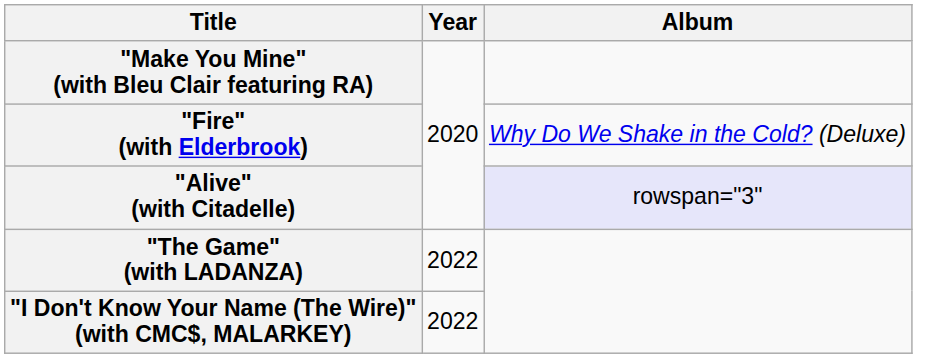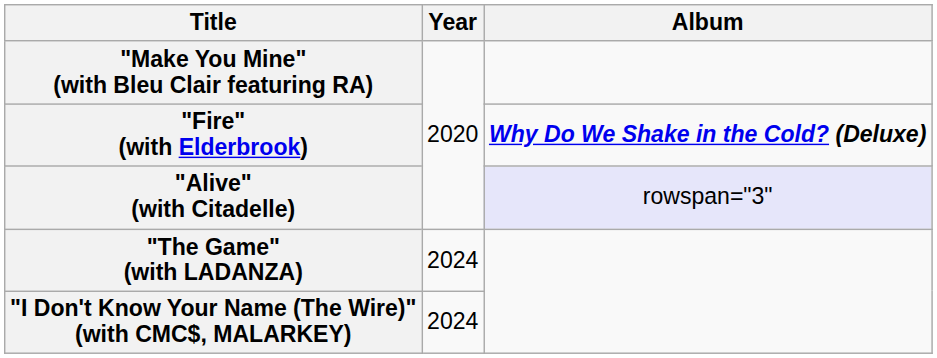 <table class="wikitable plainrowheaders" style="text-align:center;">
 <tr>
 <th rowspan="1">Title</th>
 <th rowspan="1">Year</th>
 <th rowspan="1">Album</th>
 </tr>
 <tr>
 <th scope="row">"Make You Mine" <br><span>(with Bleu Clair featuring RA)</span></th>
 <td rowspan="3">2020</td>
 <td></td>
 </tr>
 <tr>
 <th scope="row">"Fire" <br><span>(with <a href='#'>Elderbrook</a>)</span></th>
-<td><em><a href='#'>Why Do We Shake in the Cold?</a> (Deluxe)</em></td>
+<td><strong><em><a href='#'>Why Do We Shake in the Cold?</a> (Deluxe)</em></strong></td>
 </tr>
 <tr>
 <th scope="row">"Alive" <br><span>(with Citadelle)</span></th>
 <td style="background: lavender;">rowspan="3" </td>
 </tr>
 <tr>
 <th scope="row">"The Game" <br><span>(with LADANZA)</span></th>
-<td>2022</td>
+<td>2024</td>
 </tr>
 <tr>
 <th scope="row">"I Don't Know Your Name (The Wire)" <br><span>(with CMC$, MALARKEY)</span></th>
-<td>2022</td>
+<td>2024</td>
 </tr>
 </table>
